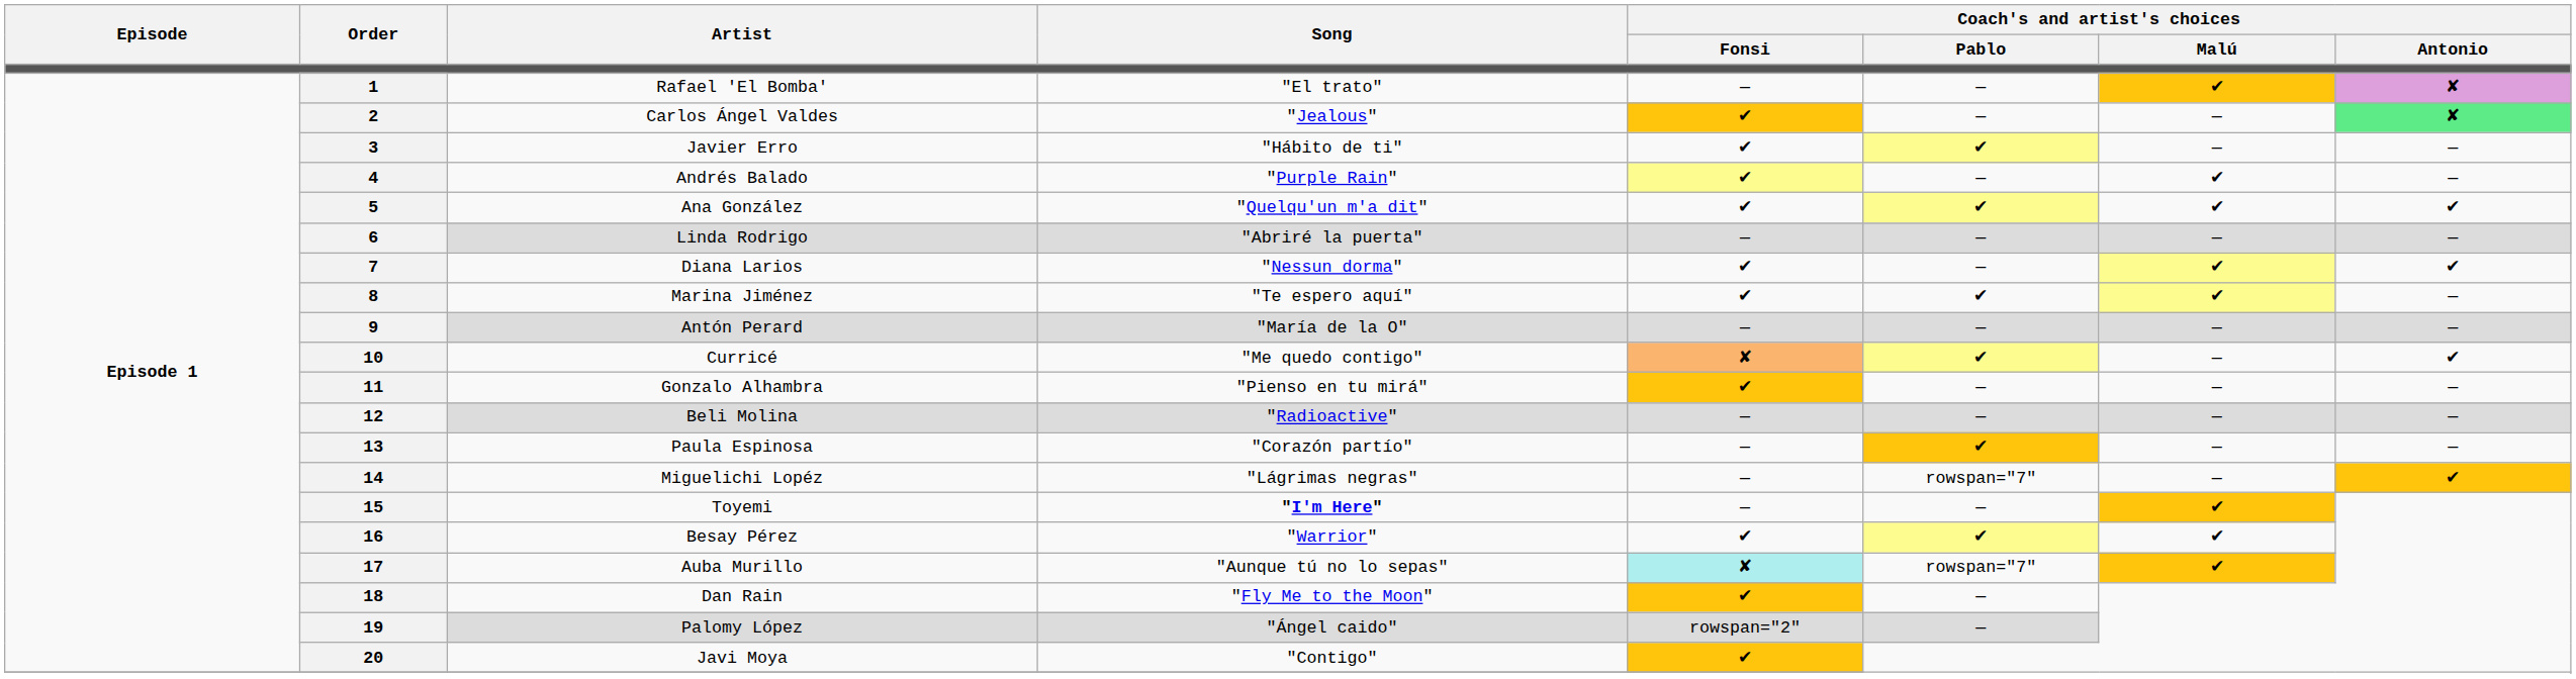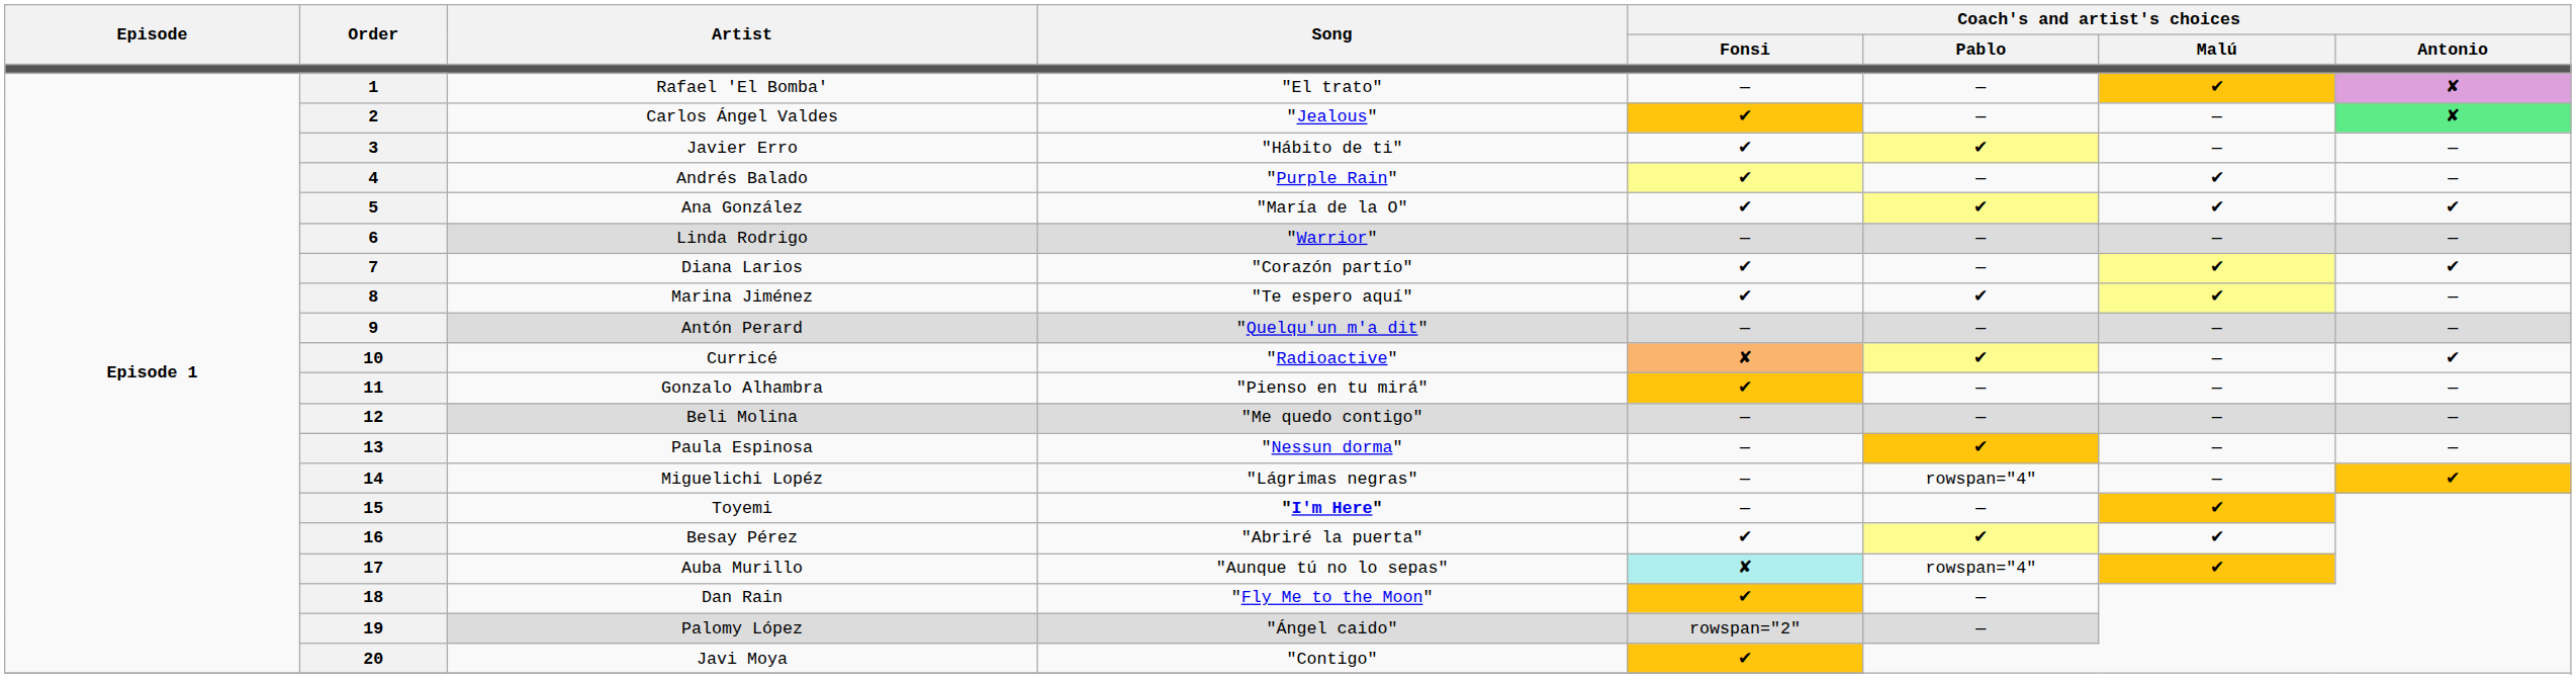 <table class="wikitable" style="text-align:center; line-height:17px; width:100%">
 <tr>
 <th rowspan="2" scope="col" style="width:10%">Episode</th>
 <th rowspan="2" scope="col" style="width:05%">Order</th>
 <th rowspan="2" scope="col" style="width:20%">Artist</th>
 <th rowspan="2" scope="col" style="width:20%">Song</th>
 <th colspan="4" scope="col" style="width:24%">Coach's and artist's choices</th>
 </tr>
 <tr>
 <th style="width:08%">Fonsi</th>
 <th style="width:08%">Pablo</th>
 <th style="width:08%">Malú</th>
 <th style="width:08%">Antonio</th>
 </tr>
 <tr>
 <td colspan="9" style="background:#555"></td>
 </tr>
 <tr>
 <td rowspan="20"><strong>Episode 1</strong><br></td>
 <th>1</th>
 <td>Rafael 'El Bomba'</td>
 <td>"El trato"</td>
 <td>—</td>
 <td>—</td>
 <td style="background:#ffc40c">✔</td>
 <td style="background:#dda0dd">✘</td>
 </tr>
 <tr>
 <th>2</th>
 <td>Carlos Ángel Valdes</td>
 <td>"<a href='#'>Jealous</a>"</td>
 <td style="background:#ffc40c">✔</td>
 <td>—</td>
 <td>—</td>
 <td style="background:#5deb87">✘</td>
 </tr>
 <tr>
 <th>3</th>
 <td>Javier Erro</td>
 <td>"Hábito de ti"</td>
 <td>✔</td>
 <td style="background:#fdfc8f">✔</td>
 <td>—</td>
 <td>—</td>
 </tr>
 <tr>
 <th>4</th>
 <td>Andrés Balado</td>
 <td>"<a href='#'>Purple Rain</a>"</td>
 <td style="background:#fdfc8f">✔</td>
 <td>—</td>
 <td>✔</td>
 <td>—</td>
 </tr>
 <tr>
 <th>5</th>
 <td>Ana González</td>
-<td>"<a href='#'>Quelqu'un m'a dit</a>"</td>
+<td>"María de la O"</td>
 <td>✔</td>
 <td style="background:#fdfc8f">✔</td>
 <td>✔</td>
 <td>✔</td>
 </tr>
 <tr style="background:#dcdcdc">
 <th>6</th>
 <td>Linda Rodrigo</td>
-<td>"Abriré la puerta"</td>
+<td>"<a href='#'>Warrior</a>"</td>
 <td>—</td>
 <td>—</td>
 <td>—</td>
 <td>—</td>
 </tr>
 <tr>
 <th>7</th>
 <td>Diana Larios</td>
-<td>"<a href='#'>Nessun dorma</a>"</td>
+<td>"Corazón partío"</td>
 <td>✔</td>
 <td>—</td>
 <td style="background:#fdfc8f">✔</td>
 <td>✔</td>
 </tr>
 <tr>
 <th>8</th>
 <td>Marina Jiménez</td>
 <td>"Te espero aquí"</td>
 <td>✔</td>
 <td>✔</td>
 <td style="background:#fdfc8f">✔</td>
 <td>—</td>
 </tr>
 <tr style="background:#dcdcdc">
 <th>9</th>
 <td>Antón Perard</td>
-<td>"María de la O"</td>
+<td>"<a href='#'>Quelqu'un m'a dit</a>"</td>
 <td>—</td>
 <td>—</td>
 <td>—</td>
 <td>—</td>
 </tr>
 <tr>
 <th>10</th>
 <td>Curricé</td>
-<td>"Me quedo contigo"</td>
+<td>"<a href='#'>Radioactive</a>"</td>
 <td style="background:#fbb46e">✘</td>
 <td style="background:#fdfc8f">✔</td>
 <td>—</td>
 <td>✔</td>
 </tr>
 <tr>
 <th>11</th>
 <td>Gonzalo Alhambra</td>
 <td>"Pienso en tu mirá"</td>
 <td style="background:#ffc40c">✔</td>
 <td>—</td>
 <td>—</td>
 <td>—</td>
 </tr>
 <tr style="background:#dcdcdc">
 <th>12</th>
 <td>Beli Molina</td>
-<td>"<a href='#'>Radioactive</a>"</td>
+<td>"Me quedo contigo"</td>
 <td>—</td>
 <td>—</td>
 <td>—</td>
 <td>—</td>
 </tr>
 <tr>
 <th>13</th>
 <td>Paula Espinosa</td>
-<td>"Corazón partío"</td>
+<td>"<a href='#'>Nessun dorma</a>"</td>
 <td>—</td>
 <td style="background:#ffc40c">✔</td>
 <td>—</td>
 <td>—</td>
 </tr>
 <tr>
 <th>14</th>
 <td>Miguelichi Lopéz</td>
 <td>"Lágrimas negras"</td>
 <td>—</td>
-<td>rowspan="7" </td>
+<td>rowspan="4" </td>
 <td>—</td>
 <td style="background:#ffc40c">✔</td>
 </tr>
 <tr>
 <th>15</th>
 <td>Toyemi</td>
 <td><strong>"<a href='#'>I'm Here</a>"</strong></td>
 <td>—</td>
 <td>—</td>
 <td style="background:#ffc40c">✔</td>
 </tr>
 <tr>
 <th>16</th>
 <td>Besay Pérez</td>
-<td>"<a href='#'>Warrior</a>"</td>
+<td>"Abriré la puerta"</td>
 <td>✔</td>
 <td style="background:#fdfc8f">✔</td>
 <td>✔</td>
 </tr>
 <tr>
 <th>17</th>
 <td>Auba Murillo</td>
 <td>"Aunque tú no lo sepas"</td>
 <td style="background:#afeeee">✘</td>
-<td>rowspan="7" </td>
+<td>rowspan="4" </td>
 <td style="background:#ffc40c">✔</td>
 </tr>
 <tr>
 <th>18</th>
 <td>Dan Rain</td>
 <td>"<a href='#'>Fly Me to the Moon</a>"</td>
 <td style="background:#ffc40c">✔</td>
 <td>—</td>
 </tr>
 <tr style="background:#dcdcdc">
 <th>19</th>
 <td>Palomy López</td>
 <td>"Ángel caido"</td>
 <td>rowspan="2" </td>
 <td>—</td>
 </tr>
 <tr>
 <th>20</th>
 <td>Javi Moya</td>
 <td>"Contigo"</td>
 <td style="background:#ffc40c">✔</td>
 </tr>
 <tr>
 </tr>
 </table>
